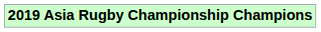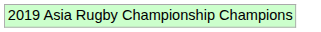 <table class="wikitable">
 <tr>
 </tr>
 <tr width=10px bgcolor="#ccffcc">
-<td><strong>2019 Asia Rugby Championship Champions</strong></td>
+<td>2019 Asia Rugby Championship Champions</td>
 </tr>
 </table>
